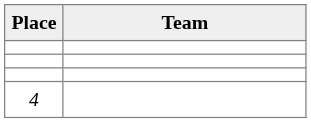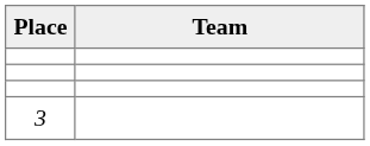 <table style=border-collapse:collapse border=1 cellspacing=0 cellpadding=5>
 <tr align=center bgcolor=#efefef>
 <th width=35>Place</th>
 <th width=185>Team</th>
 </tr>
 <tr align=center>
 <td></td>
 <td style="text-align:left;"></td>
 </tr>
 <tr align=center>
 <td></td>
 <td style="text-align:left;"></td>
 </tr>
 <tr align=center>
 <td></td>
 <td style="text-align:left;"></td>
 </tr>
 <tr align=center>
-<td><em>4</em></td>
+<td><em>3</em></td>
 <td style="text-align:left;"></td>
 </tr>
 </table>
